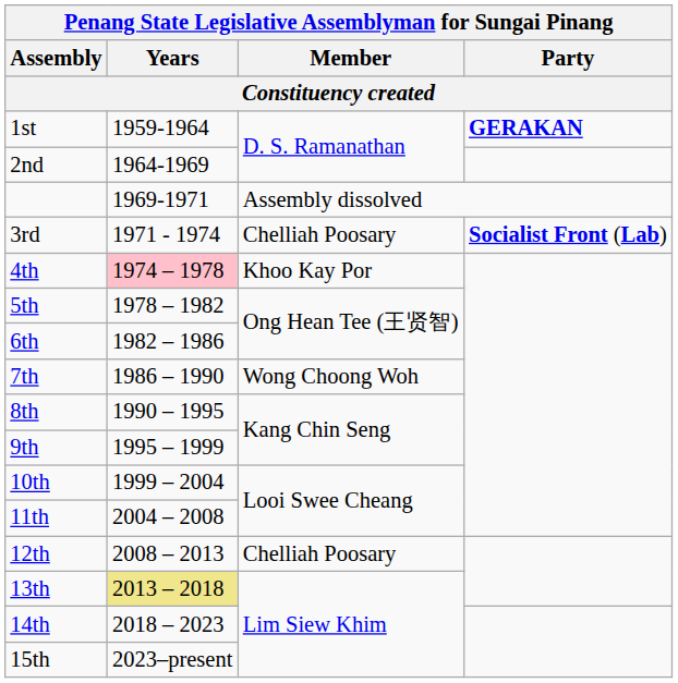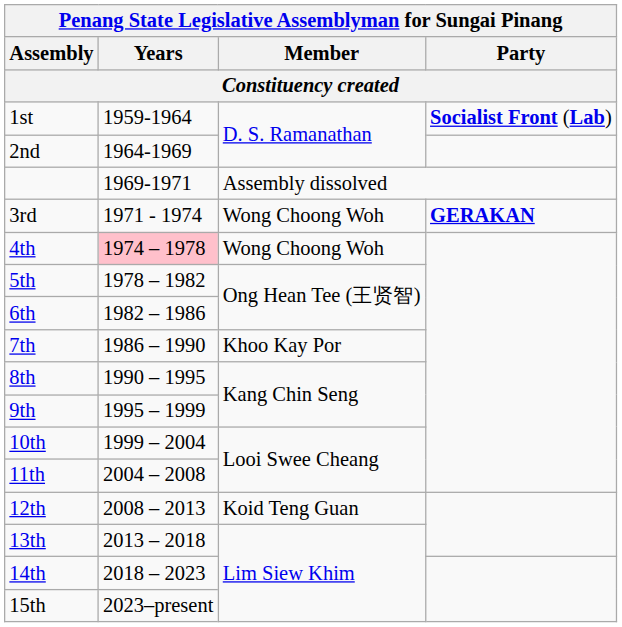 <table class="wikitable">
 <tr>
 <th colspan="4"><a href='#'>Penang State Legislative Assemblyman</a> for Sungai Pinang</th>
 </tr>
 <tr>
 <th>Assembly</th>
 <th>Years</th>
 <th>Member</th>
 <th>Party</th>
 </tr>
 <tr>
 <th colspan="4" align="center"><em>Constituency created</em></th>
 </tr>
 <tr>
 <td>1st</td>
 <td>1959-1964</td>
 <td rowspan="2"><a href='#'>D. S. Ramanathan</a></td>
-<td><strong><a href='#'>GERAKAN</a></strong></td>
+<td><strong><a href='#'>Socialist Front</a></strong> (<strong><a href='#'>Lab</a></strong>)</td>
 </tr>
 <tr>
 <td>2nd</td>
 <td>1964-1969</td>
 <td></td>
 </tr>
 <tr>
 <td></td>
 <td>1969-1971</td>
 <td colspan="2">Assembly dissolved</td>
 </tr>
 <tr>
 <td>3rd</td>
 <td>1971 - 1974</td>
-<td>Chelliah Poosary</td>
-<td><strong><a href='#'>Socialist Front</a></strong> (<strong><a href='#'>Lab</a></strong>)</td>
+<td>Wong Choong Woh</td>
+<td><strong><a href='#'>GERAKAN</a></strong></td>
 </tr>
 <tr>
 <td><a href='#'>4th</a></td>
 <td style="background: pink;">1974 – 1978</td>
-<td>Khoo Kay Por</td>
+<td>Wong Choong Woh</td>
 <td rowspan="8"></td>
 </tr>
 <tr>
 <td><a href='#'>5th</a></td>
 <td>1978 – 1982</td>
 <td rowspan="2">Ong Hean Tee (王贤智)</td>
 </tr>
 <tr>
 <td><a href='#'>6th</a></td>
 <td>1982 – 1986</td>
 </tr>
 <tr>
 <td><a href='#'>7th</a></td>
 <td>1986 – 1990</td>
-<td>Wong Choong Woh</td>
+<td>Khoo Kay Por</td>
 </tr>
 <tr>
 <td><a href='#'>8th</a></td>
 <td>1990 – 1995</td>
 <td rowspan="2">Kang Chin Seng</td>
 </tr>
 <tr>
 <td><a href='#'>9th</a></td>
 <td>1995 – 1999</td>
 </tr>
 <tr>
 <td><a href='#'>10th</a></td>
 <td>1999 – 2004</td>
 <td rowspan="2">Looi Swee Cheang</td>
 </tr>
 <tr>
 <td><a href='#'>11th</a></td>
 <td>2004 – 2008</td>
 </tr>
 <tr>
 <td><a href='#'>12th</a></td>
 <td>2008 – 2013</td>
-<td>Chelliah Poosary</td>
+<td>Koid Teng Guan</td>
 <td rowspan="2"></td>
 </tr>
 <tr>
 <td><a href='#'>13th</a></td>
-<td style="background: khaki;">2013 – 2018</td>
+<td>2013 – 2018</td>
 <td rowspan="3"><a href='#'>Lim Siew Khim</a></td>
 </tr>
 <tr>
 <td><a href='#'>14th</a></td>
 <td>2018 – 2023</td>
 <td rowspan=2></td>
 </tr>
 <tr>
 <td>15th</td>
 <td>2023–present</td>
 </tr>
 </table>
